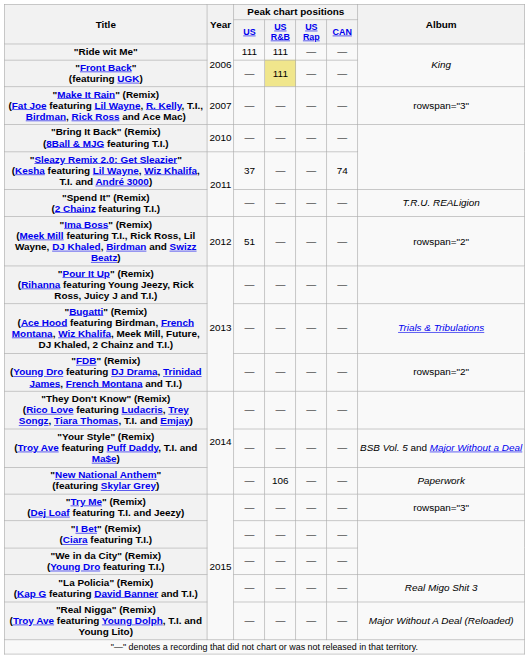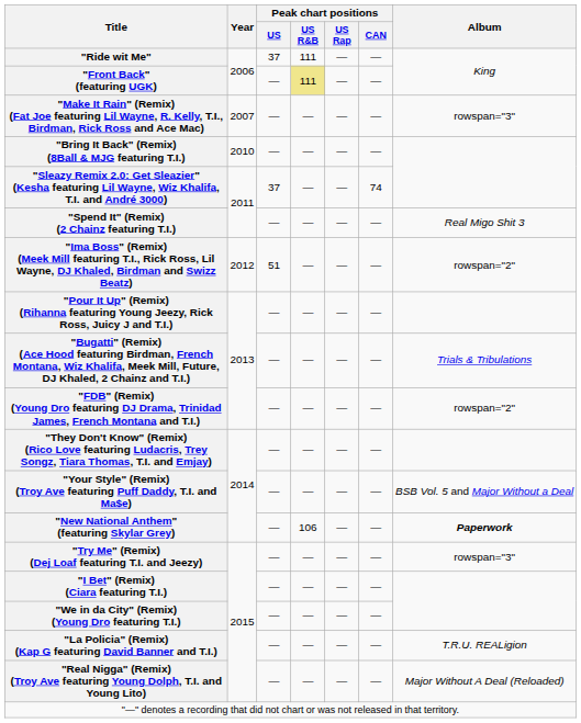 <table class="wikitable plainrowheaders" style="text-align:center;">
 <tr>
 <th scope="col" rowspan="2" style="width:20em;">Title</th>
 <th scope="col" rowspan="2">Year</th>
 <th scope="col" colspan="4">Peak chart positions</th>
 <th scope="col" rowspan="2">Album</th>
 </tr>
 <tr>
 <th scope="col" style="width:3em;font-size:90%;"><a href='#'>US</a><br></th>
 <th scope="col" style="width:3em;font-size:90%;"><a href='#'>US R&B</a><br></th>
 <th scope="col" style="width:3em;font-size:90%;"><a href='#'>US Rap</a><br></th>
 <th scope="col" style="width:3em;font-size:90%;"><a href='#'>CAN</a><br></th>
 </tr>
 <tr>
 <th scope="row">"Ride wit Me"</th>
 <td rowspan="2">2006</td>
-<td>111</td>
+<td>37</td>
 <td>111</td>
 <td>—</td>
 <td>—</td>
 <td rowspan="2"><em>King</em></td>
 </tr>
 <tr>
 <th scope="row">"<a href='#'>Front Back</a>"<br><span>(featuring <a href='#'>UGK</a>)</span></th>
 <td>—</td>
 <td style="background: khaki;">111</td>
 <td>—</td>
 <td>—</td>
 </tr>
 <tr>
 <th scope="row">"<a href='#'>Make It Rain</a>" (Remix)<br><span>(<a href='#'>Fat Joe</a> featuring <a href='#'>Lil Wayne</a>, <a href='#'>R. Kelly</a>, T.I., <a href='#'>Birdman</a>, <a href='#'>Rick Ross</a> and Ace Mac)</span></th>
 <td rowspan="1">2007</td>
 <td>—</td>
 <td>—</td>
 <td>—</td>
 <td>—</td>
 <td>rowspan="3" </td>
 </tr>
 <tr>
 <th scope="row">"Bring It Back" (Remix)<br><span>(<a href='#'>8Ball & MJG</a> featuring T.I.)</span></th>
 <td rowspan="1">2010</td>
 <td>—</td>
 <td>—</td>
 <td>—</td>
 <td>—</td>
 </tr>
 <tr>
 <th scope="row">"<a href='#'>Sleazy Remix 2.0: Get Sleazier</a>"<br><span>(<a href='#'>Kesha</a> featuring <a href='#'>Lil Wayne</a>, <a href='#'>Wiz Khalifa</a>, T.I. and <a href='#'>André 3000</a>)</span></th>
 <td rowspan="2">2011</td>
 <td>37</td>
 <td>—</td>
 <td>—</td>
 <td>74</td>
 </tr>
 <tr>
 <th scope="row">"Spend It" (Remix)<br><span>(<a href='#'>2 Chainz</a> featuring T.I.)</span></th>
 <td>—</td>
 <td>—</td>
 <td>—</td>
 <td>—</td>
-<td><em>T.R.U. REALigion</em></td>
+<td><em>Real Migo Shit 3</em></td>
 </tr>
 <tr>
 <th scope="row">"<a href='#'>Ima Boss</a>" (Remix)<br><span>(<a href='#'>Meek Mill</a> featuring T.I., Rick Ross, Lil Wayne, <a href='#'>DJ Khaled</a>, <a href='#'>Birdman</a> and <a href='#'>Swizz Beatz</a>)</span></th>
 <td rowspan="1">2012</td>
 <td>51</td>
 <td>—</td>
 <td>—</td>
 <td>—</td>
 <td>rowspan="2" </td>
 </tr>
 <tr>
 <th scope="row">"<a href='#'>Pour It Up</a>" (Remix)<br><span>(<a href='#'>Rihanna</a> featuring Young Jeezy, Rick Ross, Juicy J and T.I.)</span></th>
 <td rowspan="3">2013</td>
 <td>—</td>
 <td>—</td>
 <td>—</td>
 <td>—</td>
 </tr>
 <tr>
 <th scope="row">"<a href='#'>Bugatti</a>" (Remix)<br><span>(<a href='#'>Ace Hood</a> featuring Birdman, <a href='#'>French Montana</a>, <a href='#'>Wiz Khalifa</a>, Meek Mill, Future, DJ Khaled, 2 Chainz and T.I.)</span></th>
 <td>—</td>
 <td>—</td>
 <td>—</td>
 <td>—</td>
 <td><em><a href='#'>Trials & Tribulations</a></em></td>
 </tr>
 <tr>
 <th scope="row">"<a href='#'>FDB</a>" (Remix)<br><span>(<a href='#'>Young Dro</a> featuring <a href='#'>DJ Drama</a>, <a href='#'>Trinidad James</a>, <a href='#'>French Montana</a> and T.I.)</span></th>
 <td>—</td>
 <td>—</td>
 <td>—</td>
 <td>—</td>
 <td>rowspan="2" </td>
 </tr>
 <tr>
 <th scope="row">"They Don't Know" (Remix)<br><span>(<a href='#'>Rico Love</a> featuring <a href='#'>Ludacris</a>, <a href='#'>Trey Songz</a>, <a href='#'>Tiara Thomas</a>, T.I. and <a href='#'>Emjay</a>)</span></th>
 <td rowspan="3">2014</td>
 <td>—</td>
 <td>—</td>
 <td>—</td>
 <td>—</td>
 </tr>
 <tr>
 <th scope="row">"Your Style" (Remix)<br><span>(<a href='#'>Troy Ave</a> featuring <a href='#'>Puff Daddy</a>, T.I. and <a href='#'>Ma$e</a>)</span></th>
 <td>—</td>
 <td>—</td>
 <td>—</td>
 <td>—</td>
 <td><em>BSB Vol. 5</em> and <em><a href='#'>Major Without a Deal</a></em></td>
 </tr>
 <tr>
 <th scope="row">"<a href='#'>New National Anthem</a>"<br><span>(featuring <a href='#'>Skylar Grey</a>)</span></th>
 <td>—</td>
 <td>106</td>
 <td>—</td>
 <td>—</td>
-<td><em>Paperwork</em></td>
+<td><strong><em>Paperwork</em></strong></td>
 </tr>
 <tr>
 <th scope="row">"<a href='#'>Try Me</a>" (Remix)<br><span>(<a href='#'>Dej Loaf</a> featuring T.I. and Jeezy)</span></th>
 <td rowspan="5">2015</td>
 <td>—</td>
 <td>—</td>
 <td>—</td>
 <td>—</td>
 <td>rowspan="3" </td>
 </tr>
 <tr>
 <th scope="row">"<a href='#'>I Bet</a>" (Remix)<br><span>(<a href='#'>Ciara</a> featuring T.I.)</span></th>
 <td>—</td>
 <td>—</td>
 <td>—</td>
 <td>—</td>
 </tr>
 <tr>
 <th scope="row">"We in da City" (Remix)<br><span>(<a href='#'>Young Dro</a> featuring T.I.)</span></th>
 <td>—</td>
 <td>—</td>
 <td>—</td>
 <td>—</td>
 </tr>
 <tr>
 <th scope="row">"La Policia" (Remix)<br><span>(<a href='#'>Kap G</a> featuring <a href='#'>David Banner</a> and T.I.)</span></th>
 <td>—</td>
 <td>—</td>
 <td>—</td>
 <td>—</td>
-<td><em>Real Migo Shit 3</em></td>
+<td><em>T.R.U. REALigion</em></td>
 </tr>
 <tr>
 <th scope="row">"Real Nigga" (Remix)<br><span>(<a href='#'>Troy Ave</a> featuring <a href='#'>Young Dolph</a>, T.I. and Young Lito)</span></th>
 <td>—</td>
 <td>—</td>
 <td>—</td>
 <td>—</td>
 <td><em>Major Without A Deal (Reloaded)</em></td>
 </tr>
 <tr>
 <td colspan="14" style="font-size:90%">"—" denotes a recording that did not chart or was not released in that territory.</td>
 </tr>
 </table>
